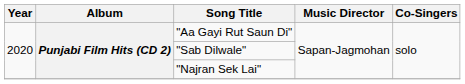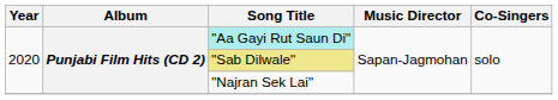 <table class="wikitable sortable">
 <tr>
 <th>Year</th>
 <th>Album</th>
 <th>Song Title</th>
 <th>Music Director</th>
 <th>Co-Singers</th>
 </tr>
 <tr>
 <td rowspan=3>2020</td>
 <th rowspan=3><em>Punjabi Film Hits (CD 2)</em></th>
-<td>"Aa Gayi Rut Saun Di"</td>
+<td style="background: paleturquoise;">"Aa Gayi Rut Saun Di"</td>
 <td rowspan=3>Sapan-Jagmohan</td>
 <td rowspan=3>solo</td>
 </tr>
 <tr>
-<td>"Sab Dilwale"</td>
+<td style="background: khaki;">"Sab Dilwale"</td>
 </tr>
 <tr>
 <td>"Najran Sek Lai"</td>
 </tr>
 <tr>
 </tr>
 </table>
